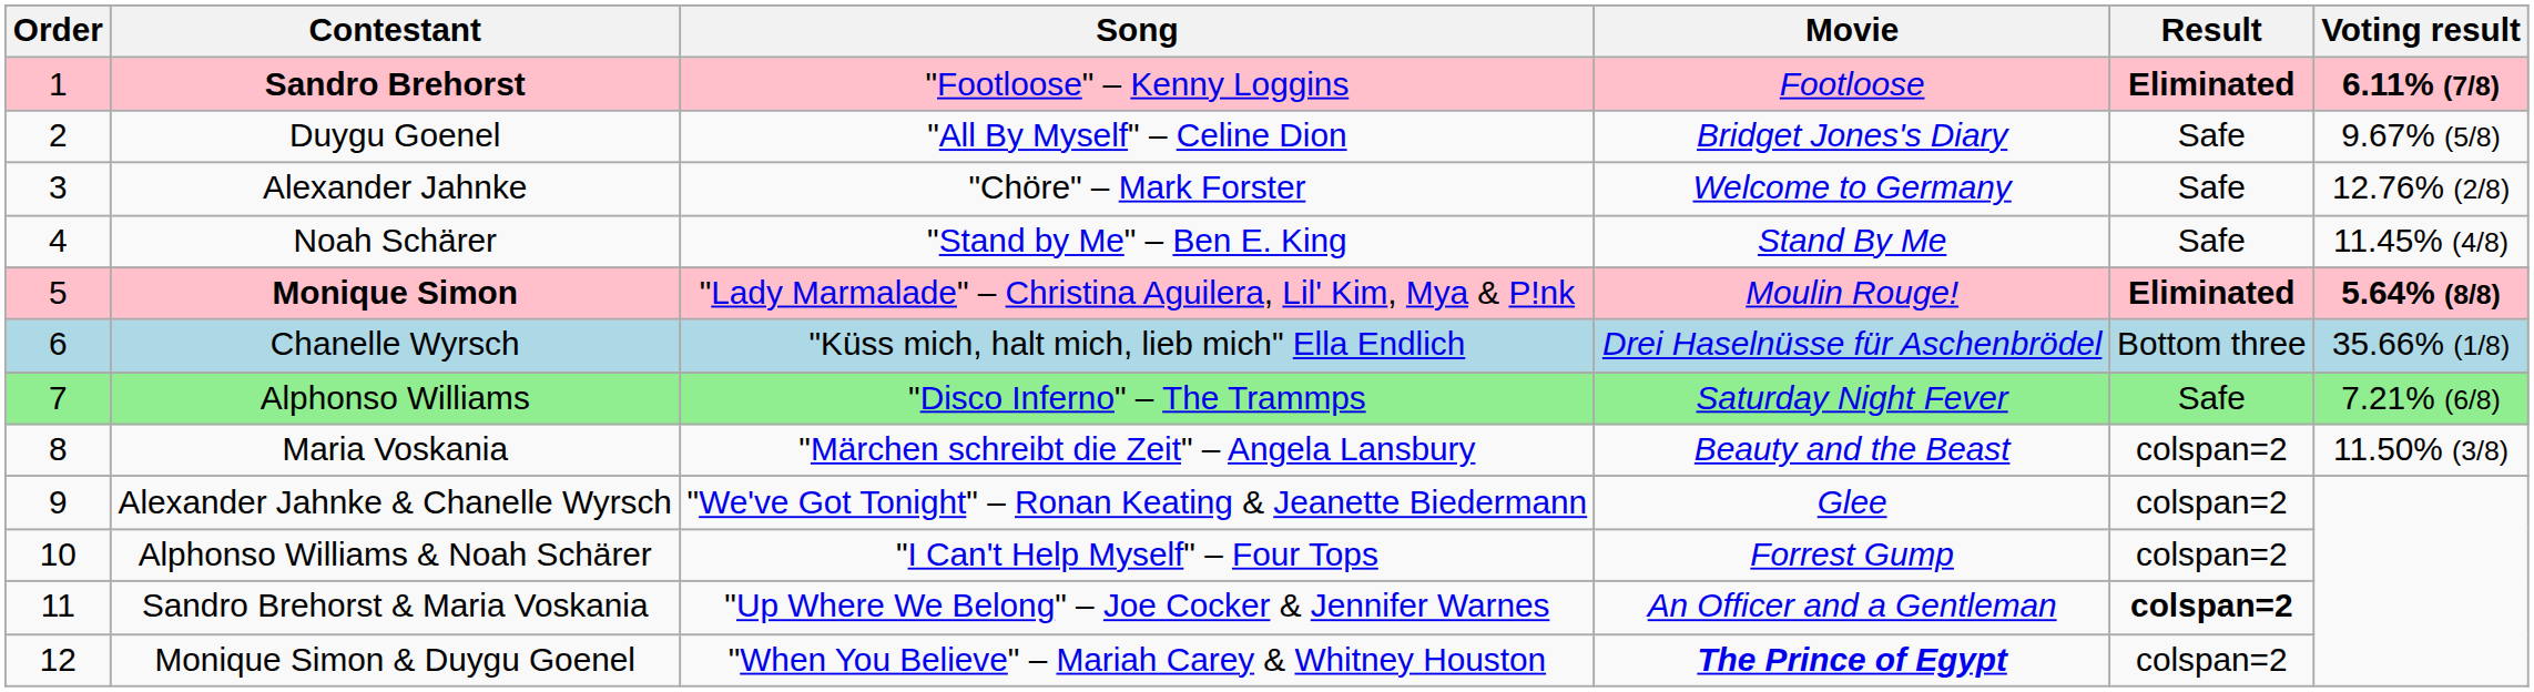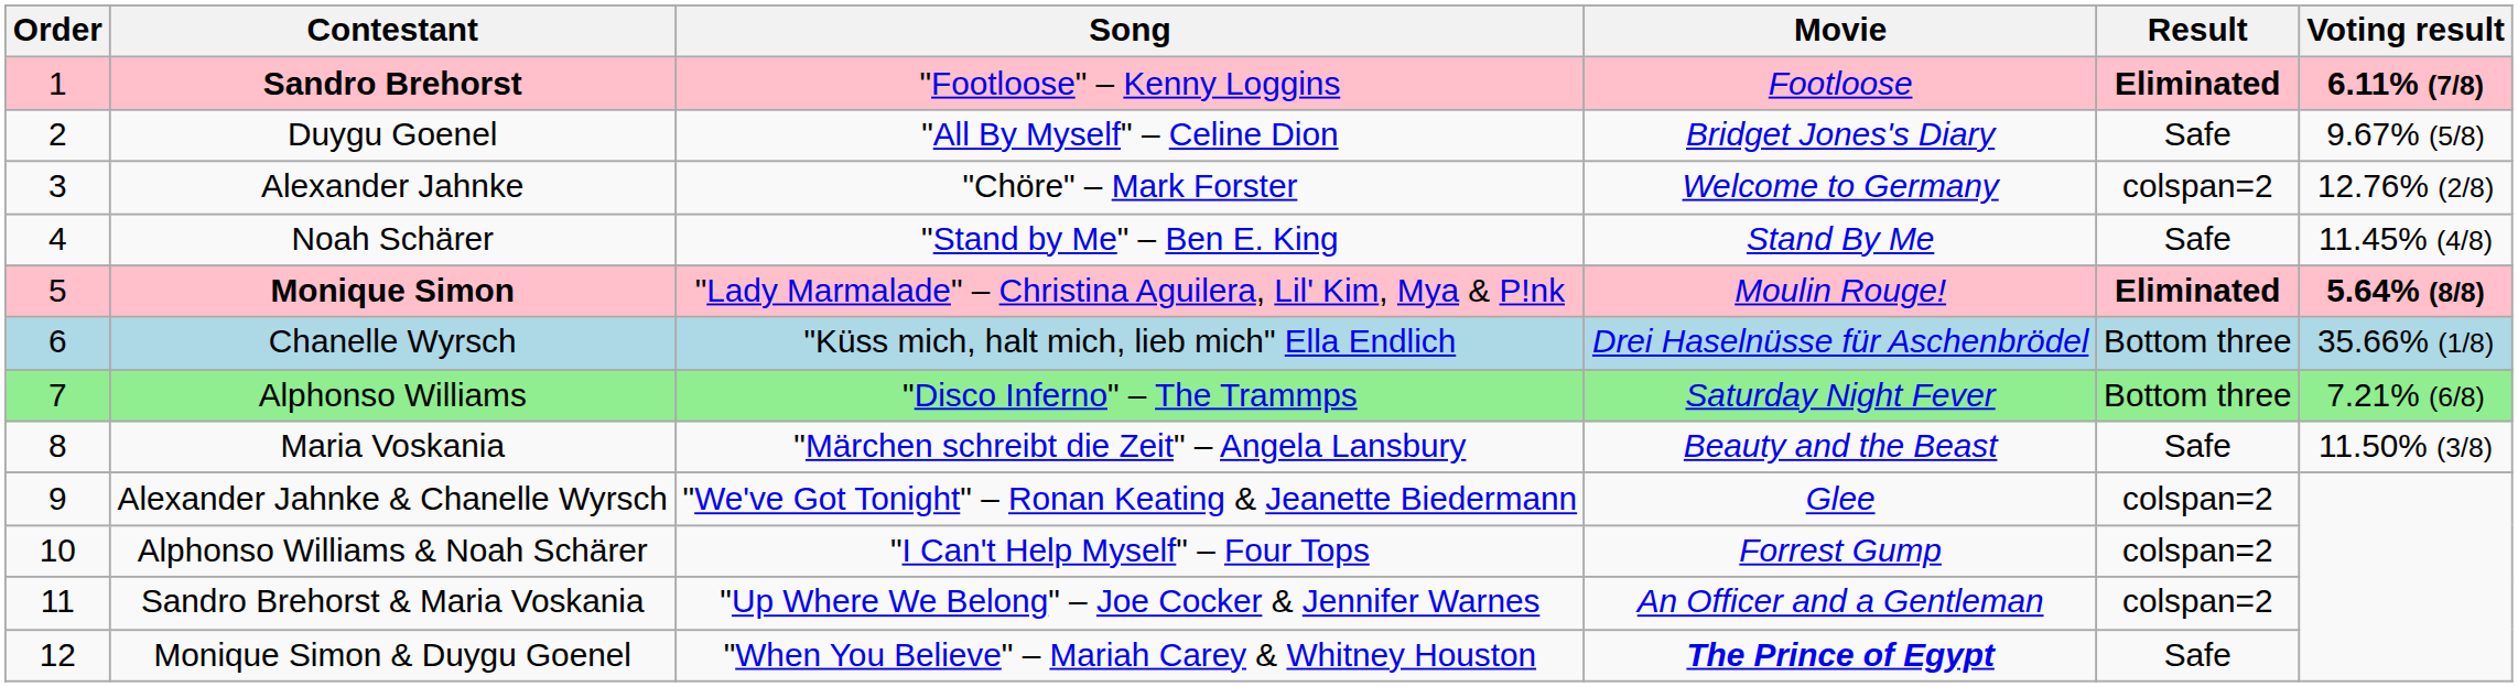 <table class="wikitable" style="text-align:center;">
 <tr>
 <th>Order</th>
 <th>Contestant</th>
 <th>Song</th>
 <th>Movie</th>
 <th>Result</th>
 <th>Voting result</th>
 </tr>
 <tr bgcolor="pink">
 <td>1</td>
 <td><strong>Sandro Brehorst</strong></td>
 <td>"<a href='#'>Footloose</a>" – <a href='#'>Kenny Loggins</a></td>
 <td><em><a href='#'>Footloose</a></em></td>
 <td><strong>Eliminated</strong></td>
 <td><strong>6.11% <small>(7/8)</small></strong></td>
 </tr>
 <tr>
 <td>2</td>
 <td>Duygu Goenel</td>
 <td>"<a href='#'>All By Myself</a>" – <a href='#'>Celine Dion</a></td>
 <td><em><a href='#'>Bridget Jones's Diary</a></em></td>
 <td>Safe</td>
 <td>9.67% <small>(5/8)</small></td>
 </tr>
 <tr>
 <td>3</td>
 <td>Alexander Jahnke</td>
 <td>"Chöre" – <a href='#'>Mark Forster</a></td>
 <td><em><a href='#'>Welcome to Germany</a></em></td>
-<td>Safe</td>
+<td>colspan=2 </td>
 <td>12.76% <small>(2/8)</small></td>
 </tr>
 <tr>
 <td>4</td>
 <td>Noah Schärer</td>
 <td>"<a href='#'>Stand by Me</a>" – <a href='#'>Ben E. King</a></td>
 <td><em><a href='#'>Stand By Me</a></em></td>
 <td>Safe</td>
 <td>11.45% <small>(4/8)</small></td>
 </tr>
 <tr bgcolor="pink">
 <td>5</td>
 <td><strong>Monique Simon</strong></td>
 <td>"<a href='#'>Lady Marmalade</a>" – <a href='#'>Christina Aguilera</a>, <a href='#'>Lil' Kim</a>, <a href='#'>Mya</a> & <a href='#'>P!nk</a></td>
 <td><em><a href='#'>Moulin Rouge!</a></em></td>
 <td><strong>Eliminated</strong></td>
 <td><strong>5.64% <small>(8/8)</small></strong></td>
 </tr>
 <tr bgcolor="lightblue">
 <td>6</td>
 <td>Chanelle Wyrsch</td>
 <td>"Küss mich, halt mich, lieb mich" <a href='#'>Ella Endlich</a></td>
 <td><em><a href='#'>Drei Haselnüsse für Aschenbrödel</a></em></td>
 <td>Bottom three</td>
 <td>35.66% <small>(1/8)</small></td>
 </tr>
 <tr bgcolor="lightgreen">
 <td>7</td>
 <td>Alphonso Williams</td>
 <td>"<a href='#'>Disco Inferno</a>" – <a href='#'>The Trammps</a></td>
 <td><em><a href='#'>Saturday Night Fever</a></em></td>
-<td>Safe</td>
+<td>Bottom three</td>
 <td>7.21% <small>(6/8)</small></td>
 </tr>
 <tr>
 <td>8</td>
 <td>Maria Voskania</td>
 <td>"<a href='#'>Märchen schreibt die Zeit</a>" – <a href='#'>Angela Lansbury</a></td>
 <td><em><a href='#'>Beauty and the Beast</a></em></td>
-<td>colspan=2 </td>
+<td>Safe</td>
 <td>11.50% <small>(3/8)</small></td>
 </tr>
 <tr>
 <td>9</td>
 <td>Alexander Jahnke & Chanelle Wyrsch</td>
 <td>"<a href='#'>We've Got Tonight</a>" – <a href='#'>Ronan Keating</a> & <a href='#'>Jeanette Biedermann</a></td>
 <td><em><a href='#'>Glee</a></em></td>
 <td>colspan=2 </td>
 </tr>
 <tr>
 <td>10</td>
 <td>Alphonso Williams & Noah Schärer</td>
 <td>"<a href='#'>I Can't Help Myself</a>" – <a href='#'>Four Tops</a></td>
 <td><em><a href='#'>Forrest Gump</a></em></td>
 <td>colspan=2 </td>
 </tr>
 <tr>
 <td>11</td>
 <td>Sandro Brehorst & Maria Voskania</td>
 <td>"<a href='#'>Up Where We Belong</a>" – <a href='#'>Joe Cocker</a> & <a href='#'>Jennifer Warnes</a></td>
 <td><em><a href='#'>An Officer and a Gentleman</a></em></td>
-<td><strong>colspan=2 </strong></td>
+<td>colspan=2 </td>
 </tr>
 <tr>
 <td>12</td>
 <td>Monique Simon & Duygu Goenel</td>
 <td>"<a href='#'>When You Believe</a>" – <a href='#'>Mariah Carey</a> & <a href='#'>Whitney Houston</a></td>
 <td><strong><em><a href='#'>The Prince of Egypt</a></em></strong></td>
-<td>colspan=2 </td>
+<td>Safe</td>
 </tr>
 </table>
